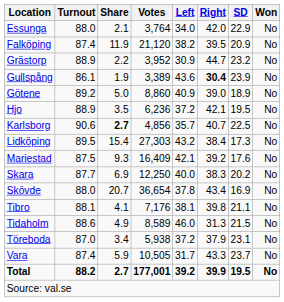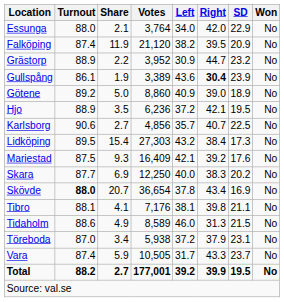 <table class="wikitable sortable" style=text-align:right>
 <tr>
 <th>Location</th>
 <th>Turnout</th>
 <th>Share</th>
 <th>Votes</th>
 <th><a href='#'>Left</a></th>
 <th><a href='#'>Right</a></th>
 <th><a href='#'>SD</a></th>
 <th>Won</th>
 </tr>
 <tr>
 <td align=left><a href='#'>Essunga</a></td>
 <td>88.0</td>
 <td>2.1</td>
 <td>3,764</td>
 <td>34.0</td>
 <td>42.0</td>
 <td>22.9</td>
 <td>No</td>
 </tr>
 <tr>
 <td align=left><a href='#'>Falköping</a></td>
 <td>87.4</td>
 <td>11.9</td>
 <td>21,120</td>
 <td>38.2</td>
 <td>39.5</td>
 <td>20.9</td>
 <td>No</td>
 </tr>
 <tr>
 <td align=left><a href='#'>Grästorp</a></td>
 <td>88.9</td>
 <td>2.2</td>
 <td>3,952</td>
 <td>30.9</td>
 <td>44.7</td>
 <td>23.2</td>
 <td>No</td>
 </tr>
 <tr>
 <td align=left><a href='#'>Gullspång</a></td>
 <td>86.1</td>
 <td>1.9</td>
 <td>3,389</td>
 <td>43.6</td>
 <td><strong>30.4</strong></td>
 <td>23.9</td>
 <td>No</td>
 </tr>
 <tr>
 <td align=left><a href='#'>Götene</a></td>
 <td>89.2</td>
 <td>5.0</td>
 <td>8,860</td>
 <td>40.9</td>
 <td>39.0</td>
 <td>18.9</td>
 <td>No</td>
 </tr>
 <tr>
 <td align=left><a href='#'>Hjo</a></td>
 <td>88.9</td>
 <td>3.5</td>
 <td>6,236</td>
 <td>37.2</td>
 <td>42.1</td>
 <td>19.5</td>
 <td>No</td>
 </tr>
 <tr>
 <td align=left><a href='#'>Karlsborg</a></td>
 <td>90.6</td>
-<td><strong>2.7</strong></td>
+<td>2.7</td>
 <td>4,856</td>
 <td>35.7</td>
 <td>40.7</td>
 <td>22.5</td>
 <td>No</td>
 </tr>
 <tr>
 <td align=left><a href='#'>Lidköping</a></td>
 <td>89.5</td>
 <td>15.4</td>
 <td>27,303</td>
 <td>43.2</td>
 <td>38.4</td>
 <td>17.3</td>
 <td>No</td>
 </tr>
 <tr>
 <td align=left><a href='#'>Mariestad</a></td>
 <td>87.5</td>
 <td>9.3</td>
 <td>16,409</td>
 <td>42.1</td>
 <td>39.2</td>
 <td>17.6</td>
 <td>No</td>
 </tr>
 <tr>
 <td align=left><a href='#'>Skara</a></td>
 <td>87.7</td>
 <td>6.9</td>
 <td>12,250</td>
 <td>40.0</td>
 <td>38.3</td>
 <td>20.2</td>
 <td>No</td>
 </tr>
 <tr>
 <td align=left><a href='#'>Skövde</a></td>
-<td>88.0</td>
+<td><strong>88.0</strong></td>
 <td>20.7</td>
 <td>36,654</td>
 <td>37.8</td>
 <td>43.4</td>
 <td>16.9</td>
 <td>No</td>
 </tr>
 <tr>
 <td align=left><a href='#'>Tibro</a></td>
 <td>88.1</td>
 <td>4.1</td>
 <td>7,176</td>
 <td>38.1</td>
 <td>39.8</td>
 <td>21.1</td>
 <td>No</td>
 </tr>
 <tr>
 <td align=left><a href='#'>Tidaholm</a></td>
 <td>88.6</td>
 <td>4.9</td>
 <td>8,589</td>
 <td>46.0</td>
 <td>31.3</td>
 <td>21.5</td>
 <td>No</td>
 </tr>
 <tr>
 <td align=left><a href='#'>Töreboda</a></td>
 <td>87.0</td>
 <td>3.4</td>
 <td>5,938</td>
 <td>37.2</td>
 <td>37.9</td>
 <td>23.1</td>
 <td>No</td>
 </tr>
 <tr>
 <td align=left><a href='#'>Vara</a></td>
 <td>87.4</td>
 <td>5.9</td>
 <td>10,505</td>
 <td>31.7</td>
 <td>43.3</td>
 <td>23.7</td>
 <td>No</td>
 </tr>
 <tr>
 <td align=left><strong>Total</strong></td>
 <td><strong>88.2</strong></td>
 <td><strong>2.7</strong></td>
 <td><strong>177,001</strong></td>
 <td><strong>39.2</strong></td>
 <td><strong>39.9</strong></td>
 <td><strong>19.5</strong></td>
 <td><strong>No</strong></td>
 </tr>
 <tr>
 <td align=left colspan=8>Source: val.se</td>
 </tr>
 </table>
